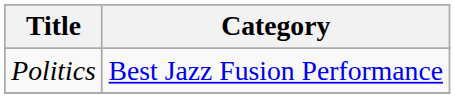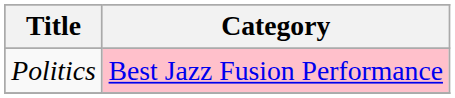 <table class="wikitable">
 <tr>
 <th>Title</th>
 <th>Category</th>
 </tr>
 <tr>
 <td><em>Politics</em></td>
-<td><a href='#'>Best Jazz Fusion Performance</a></td>
+<td style="background: pink;"><a href='#'>Best Jazz Fusion Performance</a></td>
 </tr>
 <tr>
 </tr>
 </table>
